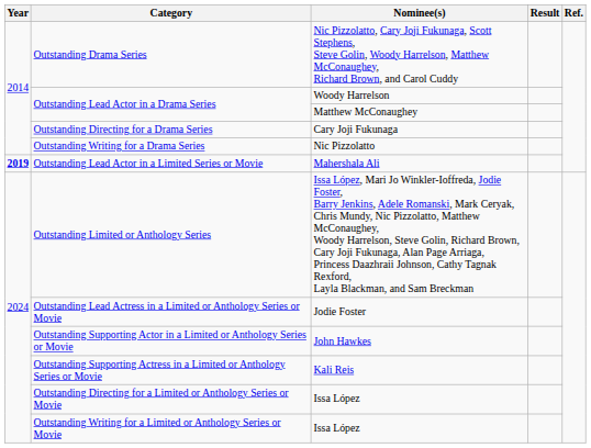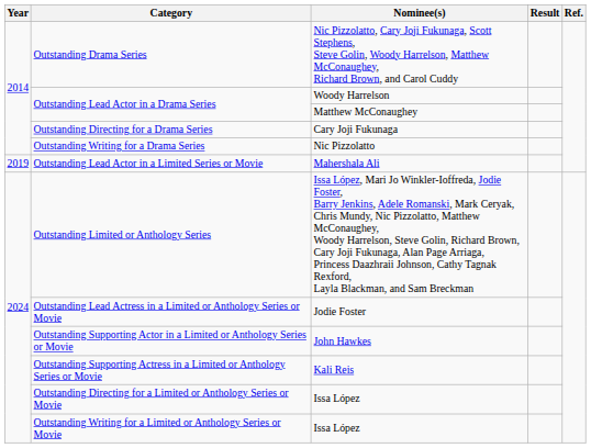 <table class="wikitable plainrowheaders">
 <tr>
 <th>Year</th>
 <th>Category</th>
 <th>Nominee(s)</th>
 <th>Result</th>
 <th>Ref.</th>
 </tr>
 <tr>
 <td rowspan="5"><a href='#'>2014</a></td>
 <td><a href='#'>Outstanding Drama Series</a></td>
 <td><a href='#'>Nic Pizzolatto</a>, <a href='#'>Cary Joji Fukunaga</a>, <a href='#'>Scott Stephens</a>, <br> <a href='#'>Steve Golin</a>, <a href='#'>Woody Harrelson</a>, <a href='#'>Matthew McConaughey</a>, <br> <a href='#'>Richard Brown</a>, and Carol Cuddy</td>
 <td></td>
 <td align="center" rowspan="6"></td>
 </tr>
 <tr>
 <td rowspan="2"><a href='#'>Outstanding Lead Actor in a Drama Series</a></td>
 <td>Woody Harrelson</td>
 <td></td>
 </tr>
 <tr>
 <td>Matthew McConaughey</td>
 <td></td>
 </tr>
 <tr>
 <td><a href='#'>Outstanding Directing for a Drama Series</a></td>
 <td>Cary Joji Fukunaga </td>
 <td></td>
 </tr>
 <tr>
 <td><a href='#'>Outstanding Writing for a Drama Series</a></td>
 <td>Nic Pizzolatto </td>
 <td></td>
 </tr>
 <tr>
-<td><strong><a href='#'>2019</a></strong></td>
+<td><a href='#'>2019</a></td>
 <td><a href='#'>Outstanding Lead Actor in a Limited Series or Movie</a></td>
 <td><a href='#'>Mahershala Ali</a></td>
 <td></td>
 </tr>
 <tr>
 <td rowspan="6"><a href='#'>2024</a></td>
 <td><a href='#'>Outstanding Limited or Anthology Series</a></td>
 <td><a href='#'>Issa López</a>, Mari Jo Winkler-Ioffreda, <a href='#'>Jodie Foster</a>, <br> <a href='#'>Barry Jenkins</a>, <a href='#'>Adele Romanski</a>, Mark Ceryak, <br> Chris Mundy, Nic Pizzolatto, Matthew McConaughey, <br> Woody Harrelson, Steve Golin, Richard Brown, <br> Cary Joji Fukunaga, Alan Page Arriaga, <br> Princess Daazhraii Johnson, Cathy Tagnak Rexford, <br> Layla Blackman, and Sam Breckman</td>
 <td></td>
 <td align="center" rowspan="6"></td>
 </tr>
 <tr>
 <td><a href='#'>Outstanding Lead Actress in a Limited or Anthology Series or Movie</a></td>
 <td>Jodie Foster</td>
 <td></td>
 </tr>
 <tr>
 <td><a href='#'>Outstanding Supporting Actor in a Limited or Anthology Series or Movie</a></td>
 <td><a href='#'>John Hawkes</a></td>
 <td></td>
 </tr>
 <tr>
 <td><a href='#'>Outstanding Supporting Actress in a Limited or Anthology Series or Movie</a></td>
 <td><a href='#'>Kali Reis</a></td>
 <td></td>
 </tr>
 <tr>
 <td><a href='#'>Outstanding Directing for a Limited or Anthology Series or Movie</a></td>
 <td>Issa López</td>
 <td></td>
 </tr>
 <tr>
 <td><a href='#'>Outstanding Writing for a Limited or Anthology Series or Movie</a></td>
 <td>Issa López </td>
 <td></td>
 </tr>
 </table>
